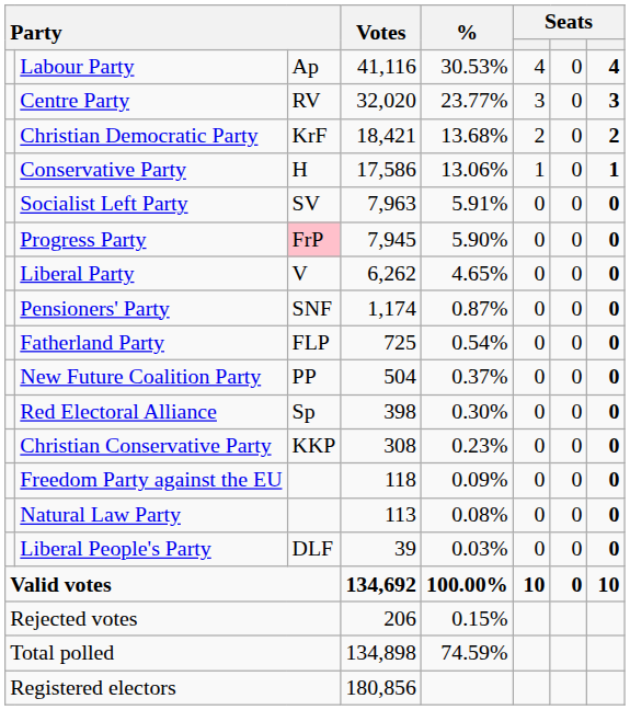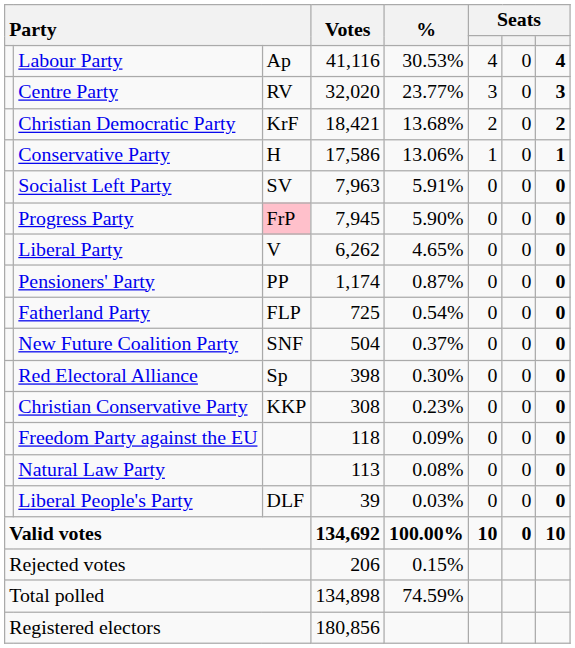 <table class="wikitable" border="1" style="text-align:right;">
 <tr>
 <th style="text-align:left;" valign=bottom rowspan=2 colspan=3>Party</th>
 <th align=center valign=bottom rowspan=2 width="50">Votes</th>
 <th align=center valign=bottom rowspan=2 width="50">%</th>
 <th colspan=3>Seats</th>
 </tr>
 <tr>
 <th align=center valign=bottom width="20"><small></small></th>
 <th align=center valign=bottom width="20"><small><a href='#'></a></small></th>
 <th align=center valign=bottom width="20"><small></small></th>
 </tr>
 <tr>
 <td style="color:inherit;background:"></td>
 <td align=left><a href='#'>Labour Party</a></td>
 <td align=left>Ap</td>
 <td>41,116</td>
 <td>30.53%</td>
 <td>4</td>
 <td>0</td>
 <td><strong>4</strong></td>
 </tr>
 <tr>
 <td style="color:inherit;background:"></td>
 <td align=left><a href='#'>Centre Party</a></td>
 <td align=left>RV</td>
 <td>32,020</td>
 <td>23.77%</td>
 <td>3</td>
 <td>0</td>
 <td><strong>3</strong></td>
 </tr>
 <tr>
 <td style="color:inherit;background:"></td>
 <td align=left><a href='#'>Christian Democratic Party</a></td>
 <td align=left>KrF</td>
 <td>18,421</td>
 <td>13.68%</td>
 <td>2</td>
 <td>0</td>
 <td><strong>2</strong></td>
 </tr>
 <tr>
 <td style="color:inherit;background:"></td>
 <td align=left><a href='#'>Conservative Party</a></td>
 <td align=left>H</td>
 <td>17,586</td>
 <td>13.06%</td>
 <td>1</td>
 <td>0</td>
 <td><strong>1</strong></td>
 </tr>
 <tr>
 <td style="color:inherit;background:"></td>
 <td align=left><a href='#'>Socialist Left Party</a></td>
 <td align=left>SV</td>
 <td>7,963</td>
 <td>5.91%</td>
 <td>0</td>
 <td>0</td>
 <td><strong>0</strong></td>
 </tr>
 <tr>
 <td style="color:inherit;background:"></td>
 <td align=left><a href='#'>Progress Party</a></td>
 <td align=left style="background: pink;">FrP</td>
 <td>7,945</td>
 <td>5.90%</td>
 <td>0</td>
 <td>0</td>
 <td><strong>0</strong></td>
 </tr>
 <tr>
 <td style="color:inherit;background:"></td>
 <td align=left><a href='#'>Liberal Party</a></td>
 <td align=left>V</td>
 <td>6,262</td>
 <td>4.65%</td>
 <td>0</td>
 <td>0</td>
 <td><strong>0</strong></td>
 </tr>
 <tr>
 <td style="color:inherit;background:"></td>
 <td align=left><a href='#'>Pensioners' Party</a></td>
-<td align=left>SNF</td>
+<td align=left>PP</td>
 <td>1,174</td>
 <td>0.87%</td>
 <td>0</td>
 <td>0</td>
 <td><strong>0</strong></td>
 </tr>
 <tr>
 <td style="color:inherit;background:"></td>
 <td align=left><a href='#'>Fatherland Party</a></td>
 <td align=left>FLP</td>
 <td>725</td>
 <td>0.54%</td>
 <td>0</td>
 <td>0</td>
 <td><strong>0</strong></td>
 </tr>
 <tr>
 <td style="color:inherit;background:"></td>
 <td align=left><a href='#'>New Future Coalition Party</a></td>
-<td align=left>PP</td>
+<td align=left>SNF</td>
 <td>504</td>
 <td>0.37%</td>
 <td>0</td>
 <td>0</td>
 <td><strong>0</strong></td>
 </tr>
 <tr>
 <td style="color:inherit;background:"></td>
 <td align=left><a href='#'>Red Electoral Alliance</a></td>
 <td align=left>Sp</td>
 <td>398</td>
 <td>0.30%</td>
 <td>0</td>
 <td>0</td>
 <td><strong>0</strong></td>
 </tr>
 <tr>
 <td style="color:inherit;background:"></td>
 <td align=left><a href='#'>Christian Conservative Party</a></td>
 <td align=left>KKP</td>
 <td>308</td>
 <td>0.23%</td>
 <td>0</td>
 <td>0</td>
 <td><strong>0</strong></td>
 </tr>
 <tr>
 <td></td>
 <td align=left><a href='#'>Freedom Party against the EU</a></td>
 <td align=left></td>
 <td>118</td>
 <td>0.09%</td>
 <td>0</td>
 <td>0</td>
 <td><strong>0</strong></td>
 </tr>
 <tr>
 <td></td>
 <td align=left><a href='#'>Natural Law Party</a></td>
 <td align=left></td>
 <td>113</td>
 <td>0.08%</td>
 <td>0</td>
 <td>0</td>
 <td><strong>0</strong></td>
 </tr>
 <tr>
 <td style="color:inherit;background:"></td>
 <td align=left><a href='#'>Liberal People's Party</a></td>
 <td align=left>DLF</td>
 <td>39</td>
 <td>0.03%</td>
 <td>0</td>
 <td>0</td>
 <td><strong>0</strong></td>
 </tr>
 <tr style="font-weight:bold">
 <td align=left colspan=3>Valid votes</td>
 <td>134,692</td>
 <td>100.00%</td>
 <td>10</td>
 <td>0</td>
 <td>10</td>
 </tr>
 <tr>
 <td align=left colspan=3>Rejected votes</td>
 <td>206</td>
 <td>0.15%</td>
 <td></td>
 <td></td>
 <td></td>
 </tr>
 <tr>
 <td align=left colspan=3>Total polled</td>
 <td>134,898</td>
 <td>74.59%</td>
 <td></td>
 <td></td>
 <td></td>
 </tr>
 <tr>
 <td align=left colspan=3>Registered electors</td>
 <td>180,856</td>
 <td></td>
 <td></td>
 <td></td>
 <td></td>
 </tr>
 </table>
